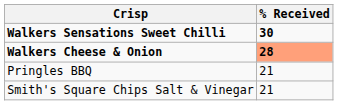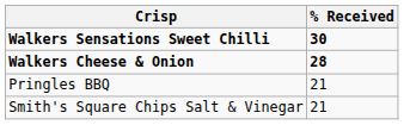 <table class="wikitable">
 <tr>
 <th>Crisp</th>
 <th>% Received</th>
 </tr>
 <tr>
 <td><strong>Walkers Sensations Sweet Chilli</strong></td>
 <td><strong>30</strong></td>
 </tr>
 <tr>
 <td><strong>Walkers Cheese & Onion</strong></td>
-<td style="background: lightsalmon;"><strong>28</strong></td>
+<td><strong>28</strong></td>
 </tr>
 <tr>
 <td>Pringles BBQ</td>
 <td>21</td>
 </tr>
 <tr>
 <td>Smith's Square Chips Salt & Vinegar</td>
 <td>21</td>
 </tr>
 </table>
